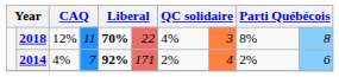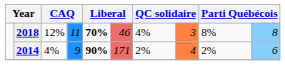 <table class="wikitable" style="width:400; font-size:90%; margin-left:1em;">
 <tr>
 <th colspan="2" scope="col">Year</th>
 <th colspan="2" scope="col"><a href='#'>CAQ</a></th>
 <th colspan="2" scope="col"><a href='#'>Liberal</a></th>
 <th colspan="2" scope="col"><a href='#'>QC solidaire</a></th>
 <th colspan="2" scope="col"><a href='#'>Parti Québécois</a></th>
 </tr>
 <tr>
 <td rowspan="2" style="width: 0.25em; background-color: "></td>
 <th><a href='#'>2018</a></th>
 <td>12%</td>
 <td style="text-align:right; background:#1E90FF;"><em>11</em></td>
 <td><strong>70%</strong></td>
-<td style="text-align:right; background:#EA6D6A;"><em>22</em></td>
+<td style="text-align:right; background:#EA6D6A;"><em>46</em></td>
 <td>4%</td>
 <td style="text-align:right; background:#FF8040;"><em>3</em></td>
 <td>8%</td>
 <td style="text-align:right; background:#87CEFA;"><em>8</em></td>
 </tr>
 <tr>
 <th><a href='#'>2014</a></th>
 <td>4%</td>
-<td style="text-align:right; background:#1E90FF;"><em>7</em></td>
-<td><strong>92%</strong></td>
+<td style="text-align:right; background:#1E90FF;"><em>9</em></td>
+<td><strong>90%</strong></td>
 <td style="text-align:right; background:#EA6D6A;"><em>171</em></td>
 <td>2%</td>
 <td style="text-align:right; background:#FF8040;"><em>4</em></td>
 <td>2%</td>
 <td style="text-align:right; background:#87CEFA;"><em>6</em></td>
 </tr>
 <tr>
 </tr>
 </table>
